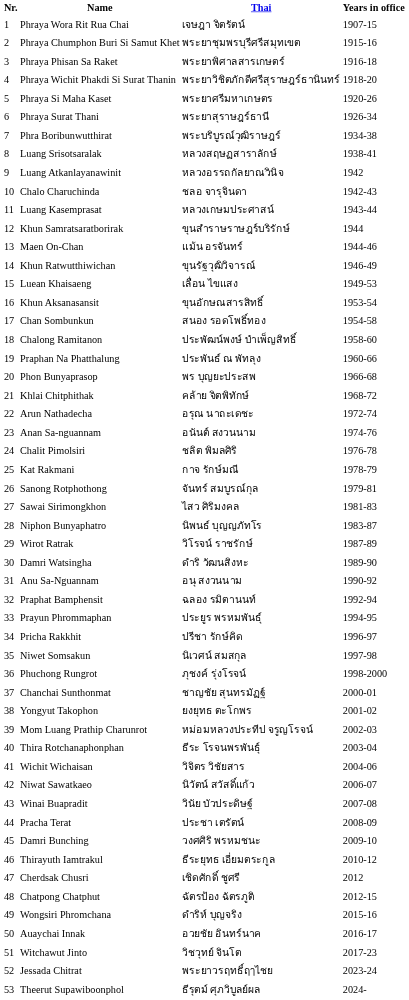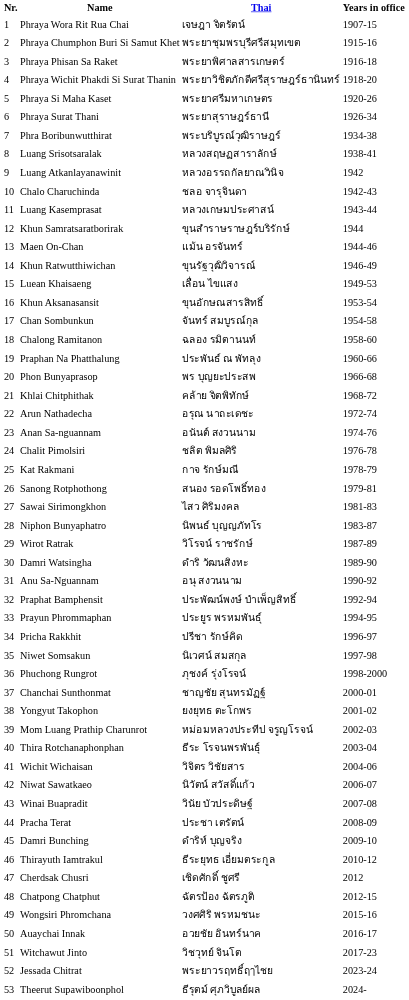 <table>
 <tr>
 <th>Nr.</th>
 <th>Name</th>
 <th><a href='#'>Thai</a></th>
 <th>Years in office</th>
 </tr>
 <tr>
 <td>1</td>
 <td>Phraya Wora Rit Rua Chai</td>
 <td>เจษฎา จิตรัตน์</td>
 <td>1907-15</td>
 </tr>
 <tr>
 <td>2</td>
 <td>Phraya Chumphon Buri Si Samut Khet</td>
 <td>พระยาชุมพรบุรีศรีสมุทเขต</td>
 <td>1915-16</td>
 </tr>
 <tr>
 <td>3</td>
 <td>Phraya Phisan Sa Raket</td>
 <td>พระยาพิศาลสารเกษตร์</td>
 <td>1916-18</td>
 </tr>
 <tr>
 <td>4</td>
 <td>Phraya Wichit Phakdi Si Surat Thanin</td>
 <td>พระยาวิชิตภักดีศรีสุราษฎร์ธานินทร์</td>
 <td>1918-20</td>
 </tr>
 <tr>
 <td>5</td>
 <td>Phraya Si Maha Kaset</td>
 <td>พระยาศรีมหาเกษตร</td>
 <td>1920-26</td>
 </tr>
 <tr>
 <td>6</td>
 <td>Phraya Surat Thani</td>
 <td>พระยาสุราษฎร์ธานี</td>
 <td>1926-34</td>
 </tr>
 <tr>
 <td>7</td>
 <td>Phra Boribunwutthirat</td>
 <td>พระบริบูรณ์วุฒิราษฎร์</td>
 <td>1934-38</td>
 </tr>
 <tr>
 <td>8</td>
 <td>Luang Srisotsaralak</td>
 <td>หลวงสฤษฏสาราลักษ์</td>
 <td>1938-41</td>
 </tr>
 <tr>
 <td>9</td>
 <td>Luang Atkanlayanawinit</td>
 <td>หลวงอรรถกัลยาณวินิจ</td>
 <td>1942</td>
 </tr>
 <tr>
 <td>10</td>
 <td>Chalo Charuchinda</td>
 <td>ชลอ จารุจินดา</td>
 <td>1942-43</td>
 </tr>
 <tr>
 <td>11</td>
 <td>Luang Kasemprasat</td>
 <td>หลวงเกษมประศาสน์</td>
 <td>1943-44</td>
 </tr>
 <tr>
 <td>12</td>
 <td>Khun Samratsaratborirak</td>
 <td>ขุนสำราษราษฎร์บริรักษ์</td>
 <td>1944</td>
 </tr>
 <tr>
 <td>13</td>
 <td>Maen On-Chan</td>
 <td>แม้น อรจันทร์</td>
 <td>1944-46</td>
 </tr>
 <tr>
 <td>14</td>
 <td>Khun Ratwutthiwichan</td>
 <td>ขุนรัฐวุฒิวิจารณ์</td>
 <td>1946-49</td>
 </tr>
 <tr>
 <td>15</td>
 <td>Luean Khaisaeng</td>
 <td>เลื่อน ไขแสง</td>
 <td>1949-53</td>
 </tr>
 <tr>
 <td>16</td>
 <td>Khun Aksanasansit</td>
 <td>ขุนอักษณสารสิทธิ์</td>
 <td>1953-54</td>
 </tr>
 <tr>
 <td>17</td>
 <td>Chan Sombunkun</td>
-<td>สนอง รอดโพธิ์ทอง</td>
+<td>จันทร์ สมบูรณ์กุล</td>
 <td>1954-58</td>
 </tr>
 <tr>
 <td>18</td>
 <td>Chalong Ramitanon</td>
-<td>ประพัฒน์พงษ์ บำเพ็ญสิทธิ์</td>
+<td>ฉลอง รมิตานนท์</td>
 <td>1958-60</td>
 </tr>
 <tr>
 <td>19</td>
 <td>Praphan Na Phatthalung</td>
 <td>ประพันธ์ ณ พัทลุง</td>
 <td>1960-66</td>
 </tr>
 <tr>
 <td>20</td>
 <td>Phon Bunyaprasop</td>
 <td>พร บุญยะประสพ</td>
 <td>1966-68</td>
 </tr>
 <tr>
 <td>21</td>
 <td>Khlai Chitphithak</td>
 <td>คล้าย จิตพิทักษ์</td>
 <td>1968-72</td>
 </tr>
 <tr>
 <td>22</td>
 <td>Arun Nathadecha</td>
 <td>อรุณ นาถะเดชะ</td>
 <td>1972-74</td>
 </tr>
 <tr>
 <td>23</td>
 <td>Anan Sa-nguannam</td>
 <td>อนันต์ สงวนนาม</td>
 <td>1974-76</td>
 </tr>
 <tr>
 <td>24</td>
 <td>Chalit Pimolsiri</td>
 <td>ชลิต พิมลศิริ</td>
 <td>1976-78</td>
 </tr>
 <tr>
 <td>25</td>
 <td>Kat Rakmani</td>
 <td>กาจ รักษ์มณี</td>
 <td>1978-79</td>
 </tr>
 <tr>
 <td>26</td>
 <td>Sanong Rotphothong</td>
-<td>จันทร์ สมบูรณ์กุล</td>
+<td>สนอง รอดโพธิ์ทอง</td>
 <td>1979-81</td>
 </tr>
 <tr>
 <td>27</td>
 <td>Sawai Sirimongkhon</td>
 <td>ไสว ศิริมงคล</td>
 <td>1981-83</td>
 </tr>
 <tr>
 <td>28</td>
 <td>Niphon Bunyaphatro</td>
 <td>นิพนธ์ บุญญภัทโร</td>
 <td>1983-87</td>
 </tr>
 <tr>
 <td>29</td>
 <td>Wirot Ratrak</td>
 <td>วิโรจน์ ราชรักษ์</td>
 <td>1987-89</td>
 </tr>
 <tr>
 <td>30</td>
 <td>Damri Watsingha</td>
 <td>ดำริ วัฒนสิงหะ</td>
 <td>1989-90</td>
 </tr>
 <tr>
 <td>31</td>
 <td>Anu Sa-Nguannam</td>
 <td>อนุ สงวนนาม</td>
 <td>1990-92</td>
 </tr>
 <tr>
 <td>32</td>
 <td>Praphat Bamphensit</td>
-<td>ฉลอง รมิตานนท์</td>
+<td>ประพัฒน์พงษ์ บำเพ็ญสิทธิ์</td>
 <td>1992-94</td>
 </tr>
 <tr>
 <td>33</td>
 <td>Prayun Phrommaphan</td>
 <td>ประยูร พรหมพันธุ์</td>
 <td>1994-95</td>
 </tr>
 <tr>
 <td>34</td>
 <td>Pricha Rakkhit</td>
 <td>ปรีชา รักษ์คิด</td>
 <td>1996-97</td>
 </tr>
 <tr>
 <td>35</td>
 <td>Niwet Somsakun</td>
 <td>นิเวศน์ สมสกุล</td>
 <td>1997-98</td>
 </tr>
 <tr>
 <td>36</td>
 <td>Phuchong Rungrot</td>
 <td>ภุชงค์ รุ่งโรจน์</td>
 <td>1998-2000</td>
 </tr>
 <tr>
 <td>37</td>
 <td>Chanchai Sunthonmat</td>
 <td>ชาญชัย สุนทรมัฏฐ์</td>
 <td>2000-01</td>
 </tr>
 <tr>
 <td>38</td>
 <td>Yongyut Takophon</td>
 <td>ยงยุทธ ตะโกพร</td>
 <td>2001-02</td>
 </tr>
 <tr>
 <td>39</td>
 <td>Mom Luang Prathip Charunrot</td>
 <td>หม่อมหลวงประทีป จรูญโรจน์</td>
 <td>2002-03</td>
 </tr>
 <tr>
 <td>40</td>
 <td>Thira Rotchanaphonphan</td>
 <td>ธีระ โรจนพรพันธุ์</td>
 <td>2003-04</td>
 </tr>
 <tr>
 <td>41</td>
 <td>Wichit Wichaisan</td>
 <td>วิจิตร วิชัยสาร</td>
 <td>2004-06</td>
 </tr>
 <tr>
 <td>42</td>
 <td>Niwat Sawatkaeo</td>
 <td>นิวัตน์ สวัสดิ์แก้ว</td>
 <td>2006-07</td>
 </tr>
 <tr>
 <td>43</td>
 <td>Winai Buapradit</td>
 <td>วินัย บัวประดิษฐ์</td>
 <td>2007-08</td>
 </tr>
 <tr>
 <td>44</td>
 <td>Pracha Terat</td>
 <td>ประชา เตรัตน์</td>
 <td>2008-09</td>
 </tr>
 <tr>
 <td>45</td>
 <td>Damri Bunching</td>
-<td>วงศศิริ พรหมชนะ</td>
+<td>ดำริห์ บุญจริง</td>
 <td>2009-10</td>
 </tr>
 <tr>
 <td>46</td>
 <td>Thirayuth Iamtrakul</td>
 <td>ธีระยุทธ เอี่ยมตระกูล</td>
 <td>2010-12</td>
 </tr>
 <tr>
 <td>47</td>
 <td>Cherdsak Chusri</td>
 <td>เชิดศักดิ์ ชูศรี</td>
 <td>2012</td>
 </tr>
 <tr>
 <td>48</td>
 <td>Chatpong Chatphut</td>
 <td>ฉัตรป้อง ฉัตรภูติ</td>
 <td>2012-15</td>
 </tr>
 <tr>
 <td>49</td>
 <td>Wongsiri Phromchana</td>
-<td>ดำริห์ บุญจริง</td>
+<td>วงศศิริ พรหมชนะ</td>
 <td>2015-16</td>
 </tr>
 <tr>
 <td>50</td>
 <td>Auaychai Innak</td>
 <td>อวยชัย อินทร์นาค</td>
 <td>2016-17</td>
 </tr>
 <tr>
 <td>51</td>
 <td>Witchawut Jinto</td>
 <td>วิชวุทย์ จินโต</td>
 <td>2017-23</td>
 </tr>
 <tr>
 <td>52</td>
 <td>Jessada Chitrat</td>
 <td>พระยาวรฤทธิ์ฤๅไชย</td>
 <td>2023-24</td>
 </tr>
 <tr>
 <td>53</td>
 <td>Theerut Supawiboonphol</td>
 <td>ธีรุตม์ ศุภวิบูลย์ผล</td>
 <td>2024-</td>
 </tr>
 </table>
